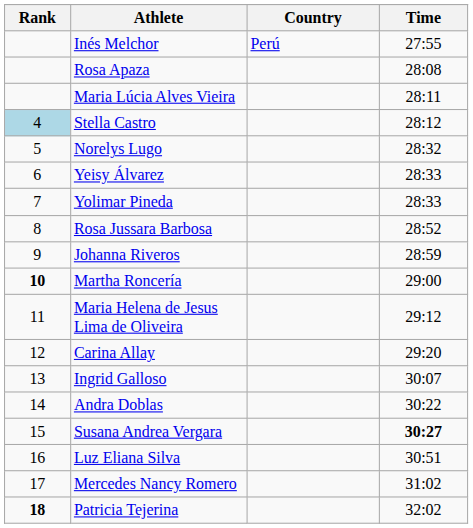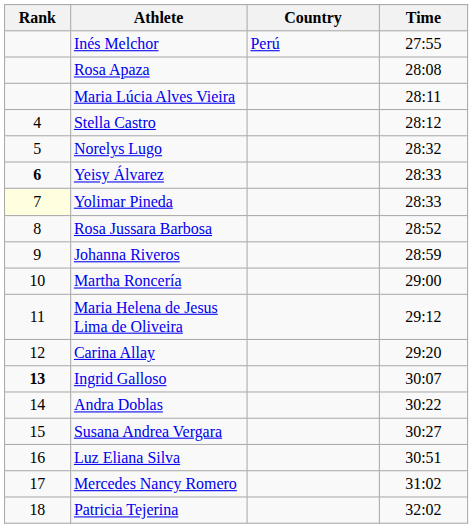 <table class="wikitable sortable" style=" text-align:center; font-size:95%;" width="50%">
 <tr>
 </tr>
 <tr>
 <th width=5%>Rank</th>
 <th width=20%>Athlete</th>
 <th width=15%>Country</th>
 <th width=10%>Time</th>
 </tr>
 <tr>
 <td align=center></td>
 <td align=left><a href='#'>Inés Melchor</a></td>
 <td align=left> <a href='#'>Perú</a></td>
 <td>27:55</td>
 </tr>
 <tr>
 <td align=center></td>
 <td align=left><a href='#'>Rosa Apaza</a></td>
 <td align=left></td>
 <td>28:08</td>
 </tr>
 <tr>
 <td align=center></td>
 <td align=left><a href='#'>Maria Lúcia Alves Vieira</a></td>
 <td align=left></td>
 <td>28:11</td>
 </tr>
 <tr>
-<td align=center style="background: lightblue;">4</td>
+<td align=center>4</td>
 <td align=left><a href='#'>Stella Castro</a></td>
 <td align=left></td>
 <td>28:12</td>
 </tr>
 <tr>
 <td align=center>5</td>
 <td align=left><a href='#'>Norelys Lugo</a></td>
 <td align=left></td>
 <td>28:32</td>
 </tr>
 <tr>
-<td align=center>6</td>
+<td align=center><strong>6</strong></td>
 <td align=left><a href='#'>Yeisy Álvarez</a></td>
 <td align=left></td>
 <td>28:33</td>
 </tr>
 <tr>
-<td align=center>7</td>
+<td align=center style="background: lightyellow;">7</td>
 <td align=left><a href='#'>Yolimar Pineda</a></td>
 <td align=left></td>
 <td>28:33</td>
 </tr>
 <tr>
 <td align=center>8</td>
 <td align=left><a href='#'>Rosa Jussara Barbosa</a></td>
 <td align=left></td>
 <td>28:52</td>
 </tr>
 <tr>
 <td align=center>9</td>
 <td align=left><a href='#'>Johanna Riveros</a></td>
 <td align=left></td>
 <td>28:59</td>
 </tr>
 <tr>
-<td align=center><strong>10</strong></td>
+<td align=center>10</td>
 <td align=left><a href='#'>Martha Roncería</a></td>
 <td align=left></td>
 <td>29:00</td>
 </tr>
 <tr>
 <td align=center>11</td>
 <td align=left><a href='#'>Maria Helena de Jesus Lima de Oliveira</a></td>
 <td align=left></td>
 <td>29:12</td>
 </tr>
 <tr>
 <td align=center>12</td>
 <td align=left><a href='#'>Carina Allay</a></td>
 <td align=left></td>
 <td>29:20</td>
 </tr>
 <tr>
-<td align=center>13</td>
+<td align=center><strong>13</strong></td>
 <td align=left><a href='#'>Ingrid Galloso</a></td>
 <td align=left></td>
 <td>30:07</td>
 </tr>
 <tr>
 <td align=center>14</td>
 <td align=left><a href='#'>Andra Doblas</a></td>
 <td align=left></td>
 <td>30:22</td>
 </tr>
 <tr>
 <td align=center>15</td>
 <td align=left><a href='#'>Susana Andrea Vergara</a></td>
 <td align=left></td>
-<td><strong>30:27</strong></td>
+<td>30:27</td>
 </tr>
 <tr>
 <td align=center>16</td>
 <td align=left><a href='#'>Luz Eliana Silva</a></td>
 <td align=left></td>
 <td>30:51</td>
 </tr>
 <tr>
 <td align=center>17</td>
 <td align=left><a href='#'>Mercedes Nancy Romero</a></td>
 <td align=left></td>
 <td>31:02</td>
 </tr>
 <tr>
-<td align=center><strong>18</strong></td>
+<td align=center>18</td>
 <td align=left><a href='#'>Patricia Tejerina</a></td>
 <td align=left></td>
 <td>32:02</td>
 </tr>
 </table>
